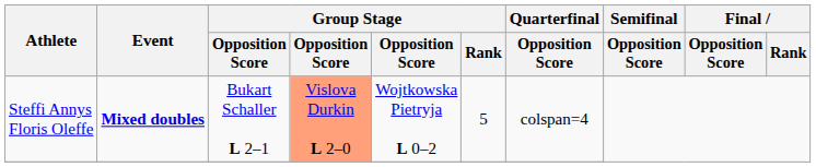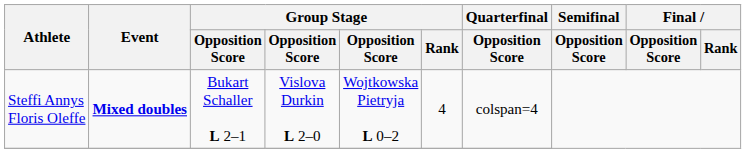 <table class="wikitable" style="font-size:90%">
 <tr>
 <th rowspan=2>Athlete</th>
 <th rowspan=2>Event</th>
 <th colspan=4>Group Stage</th>
 <th>Quarterfinal</th>
 <th>Semifinal</th>
 <th colspan=2>Final / </th>
 </tr>
 <tr style="font-size:95%">
 <th>Opposition<br>Score</th>
 <th>Opposition<br>Score</th>
 <th>Opposition<br>Score</th>
 <th>Rank</th>
 <th>Opposition<br>Score</th>
 <th>Opposition<br>Score</th>
 <th>Opposition<br>Score</th>
 <th>Rank</th>
 </tr>
 <tr align=center>
 <td align=left><a href='#'>Steffi Annys</a> <br> <a href='#'>Floris Oleffe</a></td>
 <td align=left><strong><a href='#'>Mixed doubles</a></strong></td>
 <td><a href='#'>Bukart</a> <br> <a href='#'>Schaller</a> <br><br><strong>L</strong> 2–1</td>
-<td style="background: lightsalmon;"><a href='#'>Vislova</a> <br> <a href='#'>Durkin</a> <br><br><strong>L</strong> 2–0</td>
+<td><a href='#'>Vislova</a> <br> <a href='#'>Durkin</a> <br><br><strong>L</strong> 2–0</td>
 <td><a href='#'>Wojtkowska</a> <br> <a href='#'>Pietryja</a> <br><br><strong>L</strong> 0–2</td>
-<td>5</td>
+<td>4</td>
 <td>colspan=4 </td>
 </tr>
 <tr align=center>
 </tr>
 </table>
